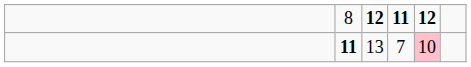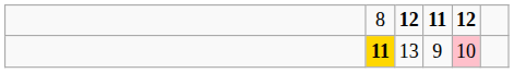 <table class="wikitable">
 <tr>
 <td style="width:18em"><strong></strong></td>
 <td align=center style="width:1em">8</td>
 <td align=center style="width:1em"><strong>12</strong></td>
 <td align=center style="width:1em"><strong>11</strong></td>
 <td align=center style="width:1em"><strong>12</strong></td>
 <td align=center style="width:1em"></td>
 </tr>
 <tr>
 <td style="width:18em"></td>
-<td align=center style="width:1em"><strong>11</strong></td>
+<td align=center style="background: gold; width:1em"><strong>11</strong></td>
 <td align=center style="width:1em">13</td>
-<td align=center style="width:1em">7</td>
+<td align=center style="width:1em">9</td>
 <td align=center style="background: pink; width:1em">10</td>
 <td align=center style="width:1em"></td>
 </tr>
 </table>
